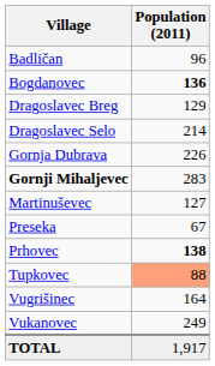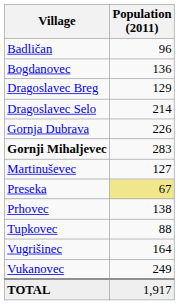 <table class="sortable wikitable" style="text-align:right">
 <tr>
 <th>Village</th>
 <th>Population<br>(2011)</th>
 </tr>
 <tr>
 <td style="text-align:left"><a href='#'>Badličan</a></td>
 <td>96</td>
 </tr>
 <tr>
 <td style="text-align:left"><a href='#'>Bogdanovec</a></td>
-<td><strong>136</strong></td>
+<td>136</td>
 </tr>
 <tr>
 <td style="text-align:left"><a href='#'>Dragoslavec Breg</a></td>
 <td>129</td>
 </tr>
 <tr>
 <td style="text-align:left"><a href='#'>Dragoslavec Selo</a></td>
 <td>214</td>
 </tr>
 <tr>
 <td style="text-align:left"><a href='#'>Gornja Dubrava</a></td>
 <td>226</td>
 </tr>
 <tr>
 <td style="text-align:left"><strong>Gornji Mihaljevec</strong></td>
 <td>283</td>
 </tr>
 <tr>
 <td style="text-align:left"><a href='#'>Martinuševec</a></td>
 <td>127</td>
 </tr>
 <tr>
 <td style="text-align:left"><a href='#'>Preseka</a></td>
-<td>67</td>
+<td style="background: khaki;">67</td>
 </tr>
 <tr>
 <td style="text-align:left"><a href='#'>Prhovec</a></td>
-<td><strong>138</strong></td>
+<td>138</td>
 </tr>
 <tr>
 <td style="text-align:left"><a href='#'>Tupkovec</a></td>
-<td style="background: lightsalmon;">88</td>
+<td>88</td>
 </tr>
 <tr>
 <td style="text-align:left"><a href='#'>Vugrišinec</a></td>
 <td>164</td>
 </tr>
 <tr>
 <td style="text-align:left"><a href='#'>Vukanovec</a></td>
 <td>249</td>
 </tr>
 <tr>
 </tr>
 <tr class="sortbottom">
 <td style="text-align:left; background: #efefef; border-top: 2px solid gray;"><strong>TOTAL</strong></td>
 <td style="background:#efefef; border-top:2px solid gray;">1,917</td>
 </tr>
 </table>
